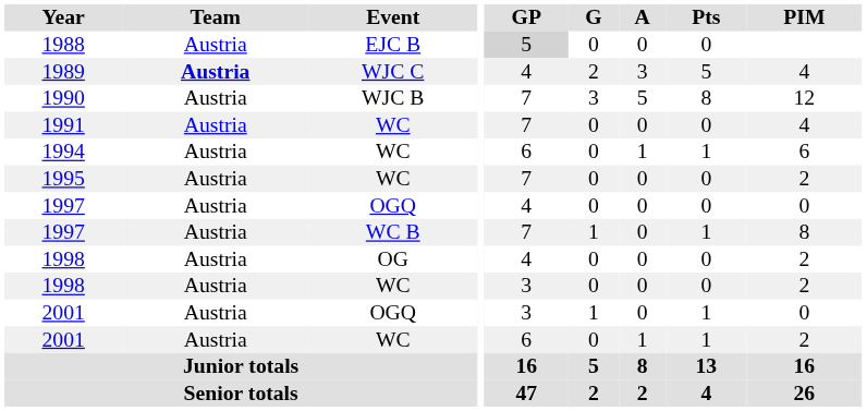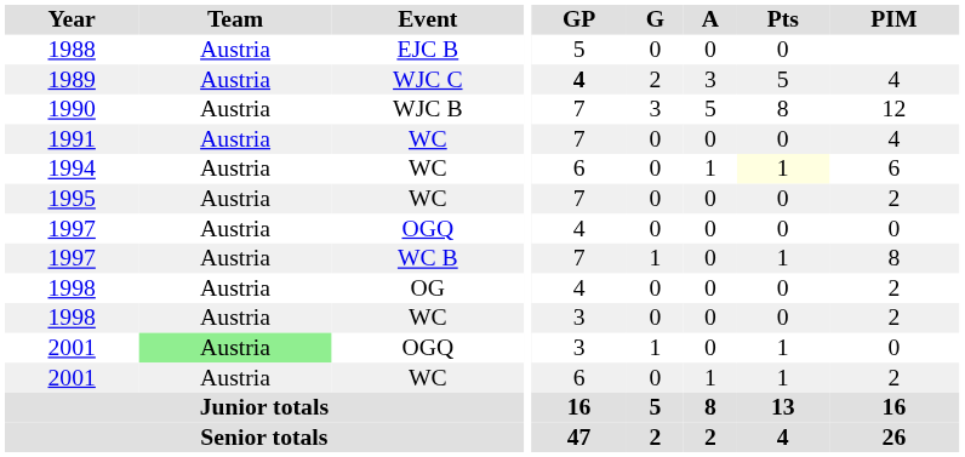 <table border="0" cellpadding="1" cellspacing="0" style="text-align:center; width:40em">
 <tr bgcolor="#e0e0e0">
 <th>Year</th>
 <th>Team</th>
 <th>Event</th>
 <th rowspan="99" bgcolor="#ffffff"></th>
 <th>GP</th>
 <th>G</th>
 <th>A</th>
 <th>Pts</th>
 <th>PIM</th>
 </tr>
 <tr>
 <td><a href='#'>1988</a></td>
 <td><a href='#'>Austria</a></td>
 <td><a href='#'>EJC B</a></td>
-<td style="background: lightgrey;">5</td>
+<td>5</td>
 <td>0</td>
 <td>0</td>
 <td>0</td>
 <td></td>
 </tr>
 <tr bgcolor="#f0f0f0">
 <td><a href='#'>1989</a></td>
-<td><strong><a href='#'>Austria</a></strong></td>
+<td><a href='#'>Austria</a></td>
 <td><a href='#'>WJC C</a></td>
-<td>4</td>
+<td><strong>4</strong></td>
 <td>2</td>
 <td>3</td>
 <td>5</td>
 <td>4</td>
 </tr>
 <tr>
 <td><a href='#'>1990</a></td>
 <td>Austria</td>
 <td>WJC B</td>
 <td>7</td>
 <td>3</td>
 <td>5</td>
 <td>8</td>
 <td>12</td>
 </tr>
 <tr bgcolor="#f0f0f0">
 <td><a href='#'>1991</a></td>
 <td><a href='#'>Austria</a></td>
 <td><a href='#'>WC</a></td>
 <td>7</td>
 <td>0</td>
 <td>0</td>
 <td>0</td>
 <td>4</td>
 </tr>
 <tr>
 <td><a href='#'>1994</a></td>
 <td>Austria</td>
 <td>WC</td>
 <td>6</td>
 <td>0</td>
 <td>1</td>
-<td>1</td>
+<td style="background: lightyellow;">1</td>
 <td>6</td>
 </tr>
 <tr bgcolor="#f0f0f0">
 <td><a href='#'>1995</a></td>
 <td>Austria</td>
 <td>WC</td>
 <td>7</td>
 <td>0</td>
 <td>0</td>
 <td>0</td>
 <td>2</td>
 </tr>
 <tr>
 <td><a href='#'>1997</a></td>
 <td>Austria</td>
 <td><a href='#'>OGQ</a></td>
 <td>4</td>
 <td>0</td>
 <td>0</td>
 <td>0</td>
 <td>0</td>
 </tr>
 <tr bgcolor="#f0f0f0">
 <td><a href='#'>1997</a></td>
 <td>Austria</td>
 <td><a href='#'>WC B</a></td>
 <td>7</td>
 <td>1</td>
 <td>0</td>
 <td>1</td>
 <td>8</td>
 </tr>
 <tr>
 <td><a href='#'>1998</a></td>
 <td>Austria</td>
 <td>OG</td>
 <td>4</td>
 <td>0</td>
 <td>0</td>
 <td>0</td>
 <td>2</td>
 </tr>
 <tr bgcolor="#f0f0f0">
 <td><a href='#'>1998</a></td>
 <td>Austria</td>
 <td>WC</td>
 <td>3</td>
 <td>0</td>
 <td>0</td>
 <td>0</td>
 <td>2</td>
 </tr>
 <tr>
 <td><a href='#'>2001</a></td>
-<td>Austria</td>
+<td style="background: lightgreen;">Austria</td>
 <td>OGQ</td>
 <td>3</td>
 <td>1</td>
 <td>0</td>
 <td>1</td>
 <td>0</td>
 </tr>
 <tr bgcolor="#f0f0f0">
 <td><a href='#'>2001</a></td>
 <td>Austria</td>
 <td>WC</td>
 <td>6</td>
 <td>0</td>
 <td>1</td>
 <td>1</td>
 <td>2</td>
 </tr>
 <tr bgcolor="#e0e0e0">
 <th colspan="3">Junior totals</th>
 <th>16</th>
 <th>5</th>
 <th>8</th>
 <th>13</th>
 <th>16</th>
 </tr>
 <tr bgcolor="#e0e0e0">
 <th colspan="3">Senior totals</th>
 <th>47</th>
 <th>2</th>
 <th>2</th>
 <th>4</th>
 <th>26</th>
 </tr>
 </table>
